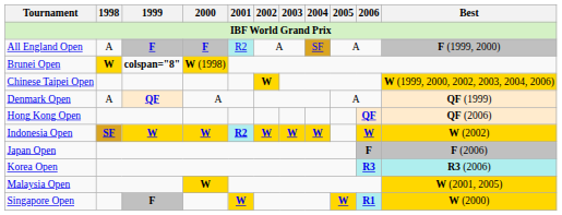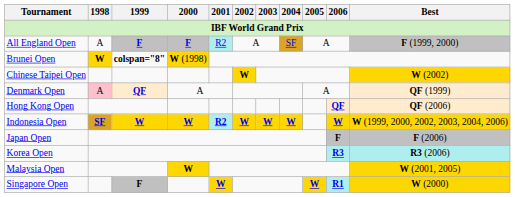 <table class="wikitable" style="font-size: 90%; text-align:center">
 <tr>
 <th>Tournament</th>
 <th>1998</th>
 <th>1999</th>
 <th>2000</th>
 <th>2001</th>
 <th>2002</th>
 <th>2003</th>
 <th>2004</th>
 <th>2005</th>
 <th>2006</th>
 <th>Best</th>
 </tr>
 <tr bgcolor="D4F1C5">
 <td colspan="11" align=center><strong>IBF World Grand Prix</strong></td>
 </tr>
 <tr>
 <td align=left><a href='#'>All England Open</a></td>
 <td>A</td>
 <td bgcolor=Silver><a href='#'><strong>F</strong></a></td>
 <td bgcolor=Silver><a href='#'><strong>F</strong></a></td>
 <td bgcolor=AFEEEE><a href='#'>R2</a></td>
 <td colspan="2">A</td>
 <td bgcolor=DAA520><a href='#'>SF</a></td>
 <td colspan="2">A</td>
 <td bgcolor=Silver><strong>F</strong> (1999, 2000)</td>
 </tr>
 <tr>
 <td align=left><a href='#'>Brunei Open</a></td>
 <td bgcolor=Gold><strong>W</strong></td>
 <td><strong>colspan="8" </strong></td>
 <td bgcolor=Gold><strong>W</strong> (1998)</td>
 </tr>
 <tr>
 <td align=left><a href='#'>Chinese Taipei Open</a></td>
 <td></td>
 <td></td>
 <td></td>
 <td></td>
 <td bgcolor=Gold><strong>W</strong></td>
 <td colspan="4"></td>
-<td bgcolor=Gold><strong>W</strong> (1999, 2000, 2002, 2003, 2004, 2006)</td>
+<td bgcolor=Gold><strong>W</strong> (2002)</td>
 </tr>
 <tr>
 <td align=left><a href='#'>Denmark Open</a></td>
-<td>A</td>
+<td style="background: pink;">A</td>
 <td bgcolor=FFEBCD><a href='#'><strong>QF</strong></a></td>
 <td colspan="2">A</td>
 <td colspan="3"></td>
 <td colspan="2">A</td>
 <td bgcolor=FFEBCD><strong>QF</strong> (1999)</td>
 </tr>
 <tr>
 <td align=left><a href='#'>Hong Kong Open</a></td>
 <td colspan="2"></td>
 <td></td>
 <td></td>
 <td></td>
 <td></td>
 <td></td>
 <td></td>
 <td bgcolor=FFEBCD><a href='#'><strong>QF</strong></a></td>
 <td bgcolor=FFEBCD><strong>QF</strong> (2006)</td>
 </tr>
 <tr>
 <td align=left><a href='#'>Indonesia Open</a></td>
 <td bgcolor=DAA520><strong><a href='#'>SF</a></strong></td>
 <td bgcolor=Gold><a href='#'><strong>W</strong></a></td>
 <td bgcolor=Gold><a href='#'><strong>W</strong></a></td>
 <td bgcolor=AFEEEE><strong><a href='#'>R2</a></strong></td>
 <td bgcolor=Gold><a href='#'><strong>W</strong></a></td>
 <td bgcolor=Gold><a href='#'><strong>W</strong></a></td>
 <td bgcolor=Gold><a href='#'><strong>W</strong></a></td>
 <td></td>
 <td bgcolor=Gold><a href='#'><strong>W</strong></a></td>
-<td bgcolor=Gold><strong>W</strong> (2002)</td>
+<td bgcolor=Gold><strong>W</strong> (1999, 2000, 2002, 2003, 2004, 2006)</td>
 </tr>
 <tr>
 <td align=left><a href='#'>Japan Open</a></td>
 <td colspan="8"></td>
 <td bgcolor=Silver><strong>F</strong></td>
 <td bgcolor=Silver><strong>F</strong> (2006)</td>
 </tr>
 <tr>
 <td align=left><a href='#'>Korea Open</a></td>
 <td colspan="8"></td>
 <td bgcolor=AFEEEE><a href='#'><strong>R3</strong></a></td>
 <td bgcolor=AFEEEE><strong>R3</strong> (2006)</td>
 </tr>
 <tr>
 <td align=left><a href='#'>Malaysia Open</a></td>
 <td colspan="2"></td>
 <td bgcolor=Gold><strong>W</strong></td>
 <td colspan="6"></td>
 <td bgcolor=Gold><strong>W</strong> (2001, 2005)</td>
 </tr>
 <tr>
 <td align=left><a href='#'>Singapore Open</a></td>
 <td></td>
 <td bgcolor=Silver><strong>F</strong></td>
 <td></td>
 <td bgcolor=Gold><a href='#'><strong>W</strong></a></td>
 <td colspan="3"></td>
 <td bgcolor=Gold><a href='#'><strong>W</strong></a></td>
 <td bgcolor=AFEEEE><strong><a href='#'>R1</a></strong></td>
 <td bgcolor=Gold><strong>W</strong> (2000)</td>
 </tr>
 </table>
